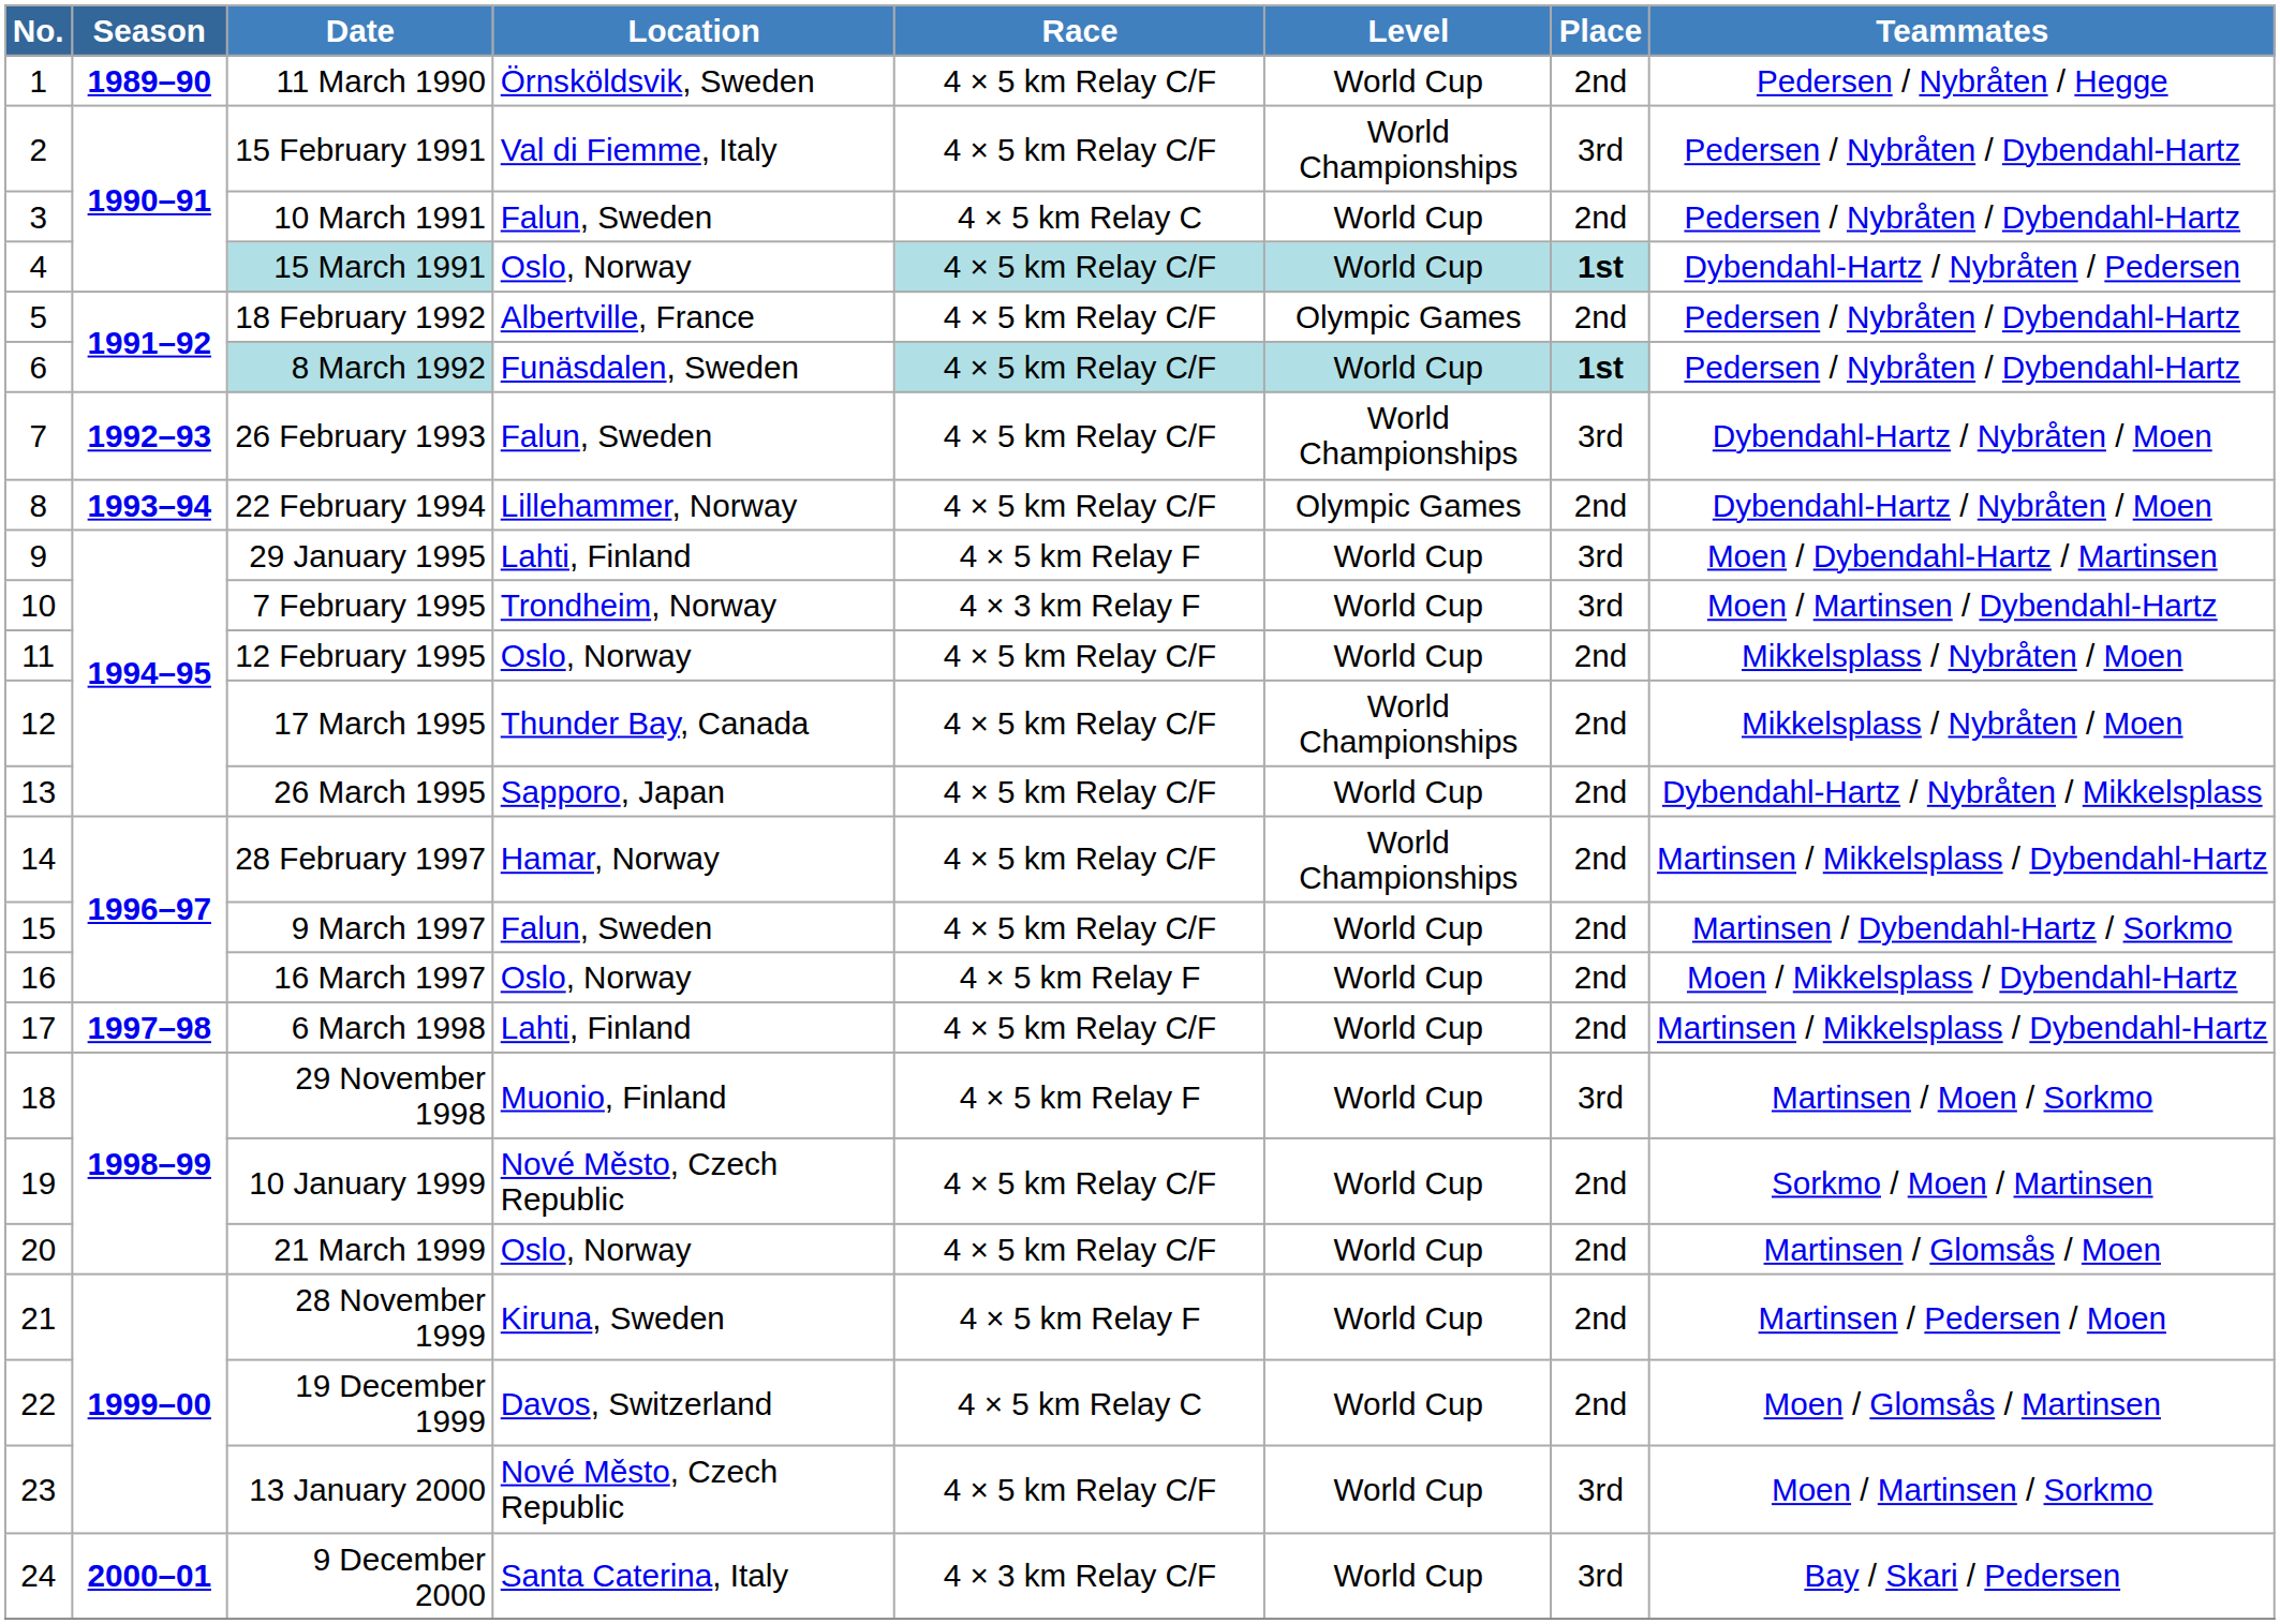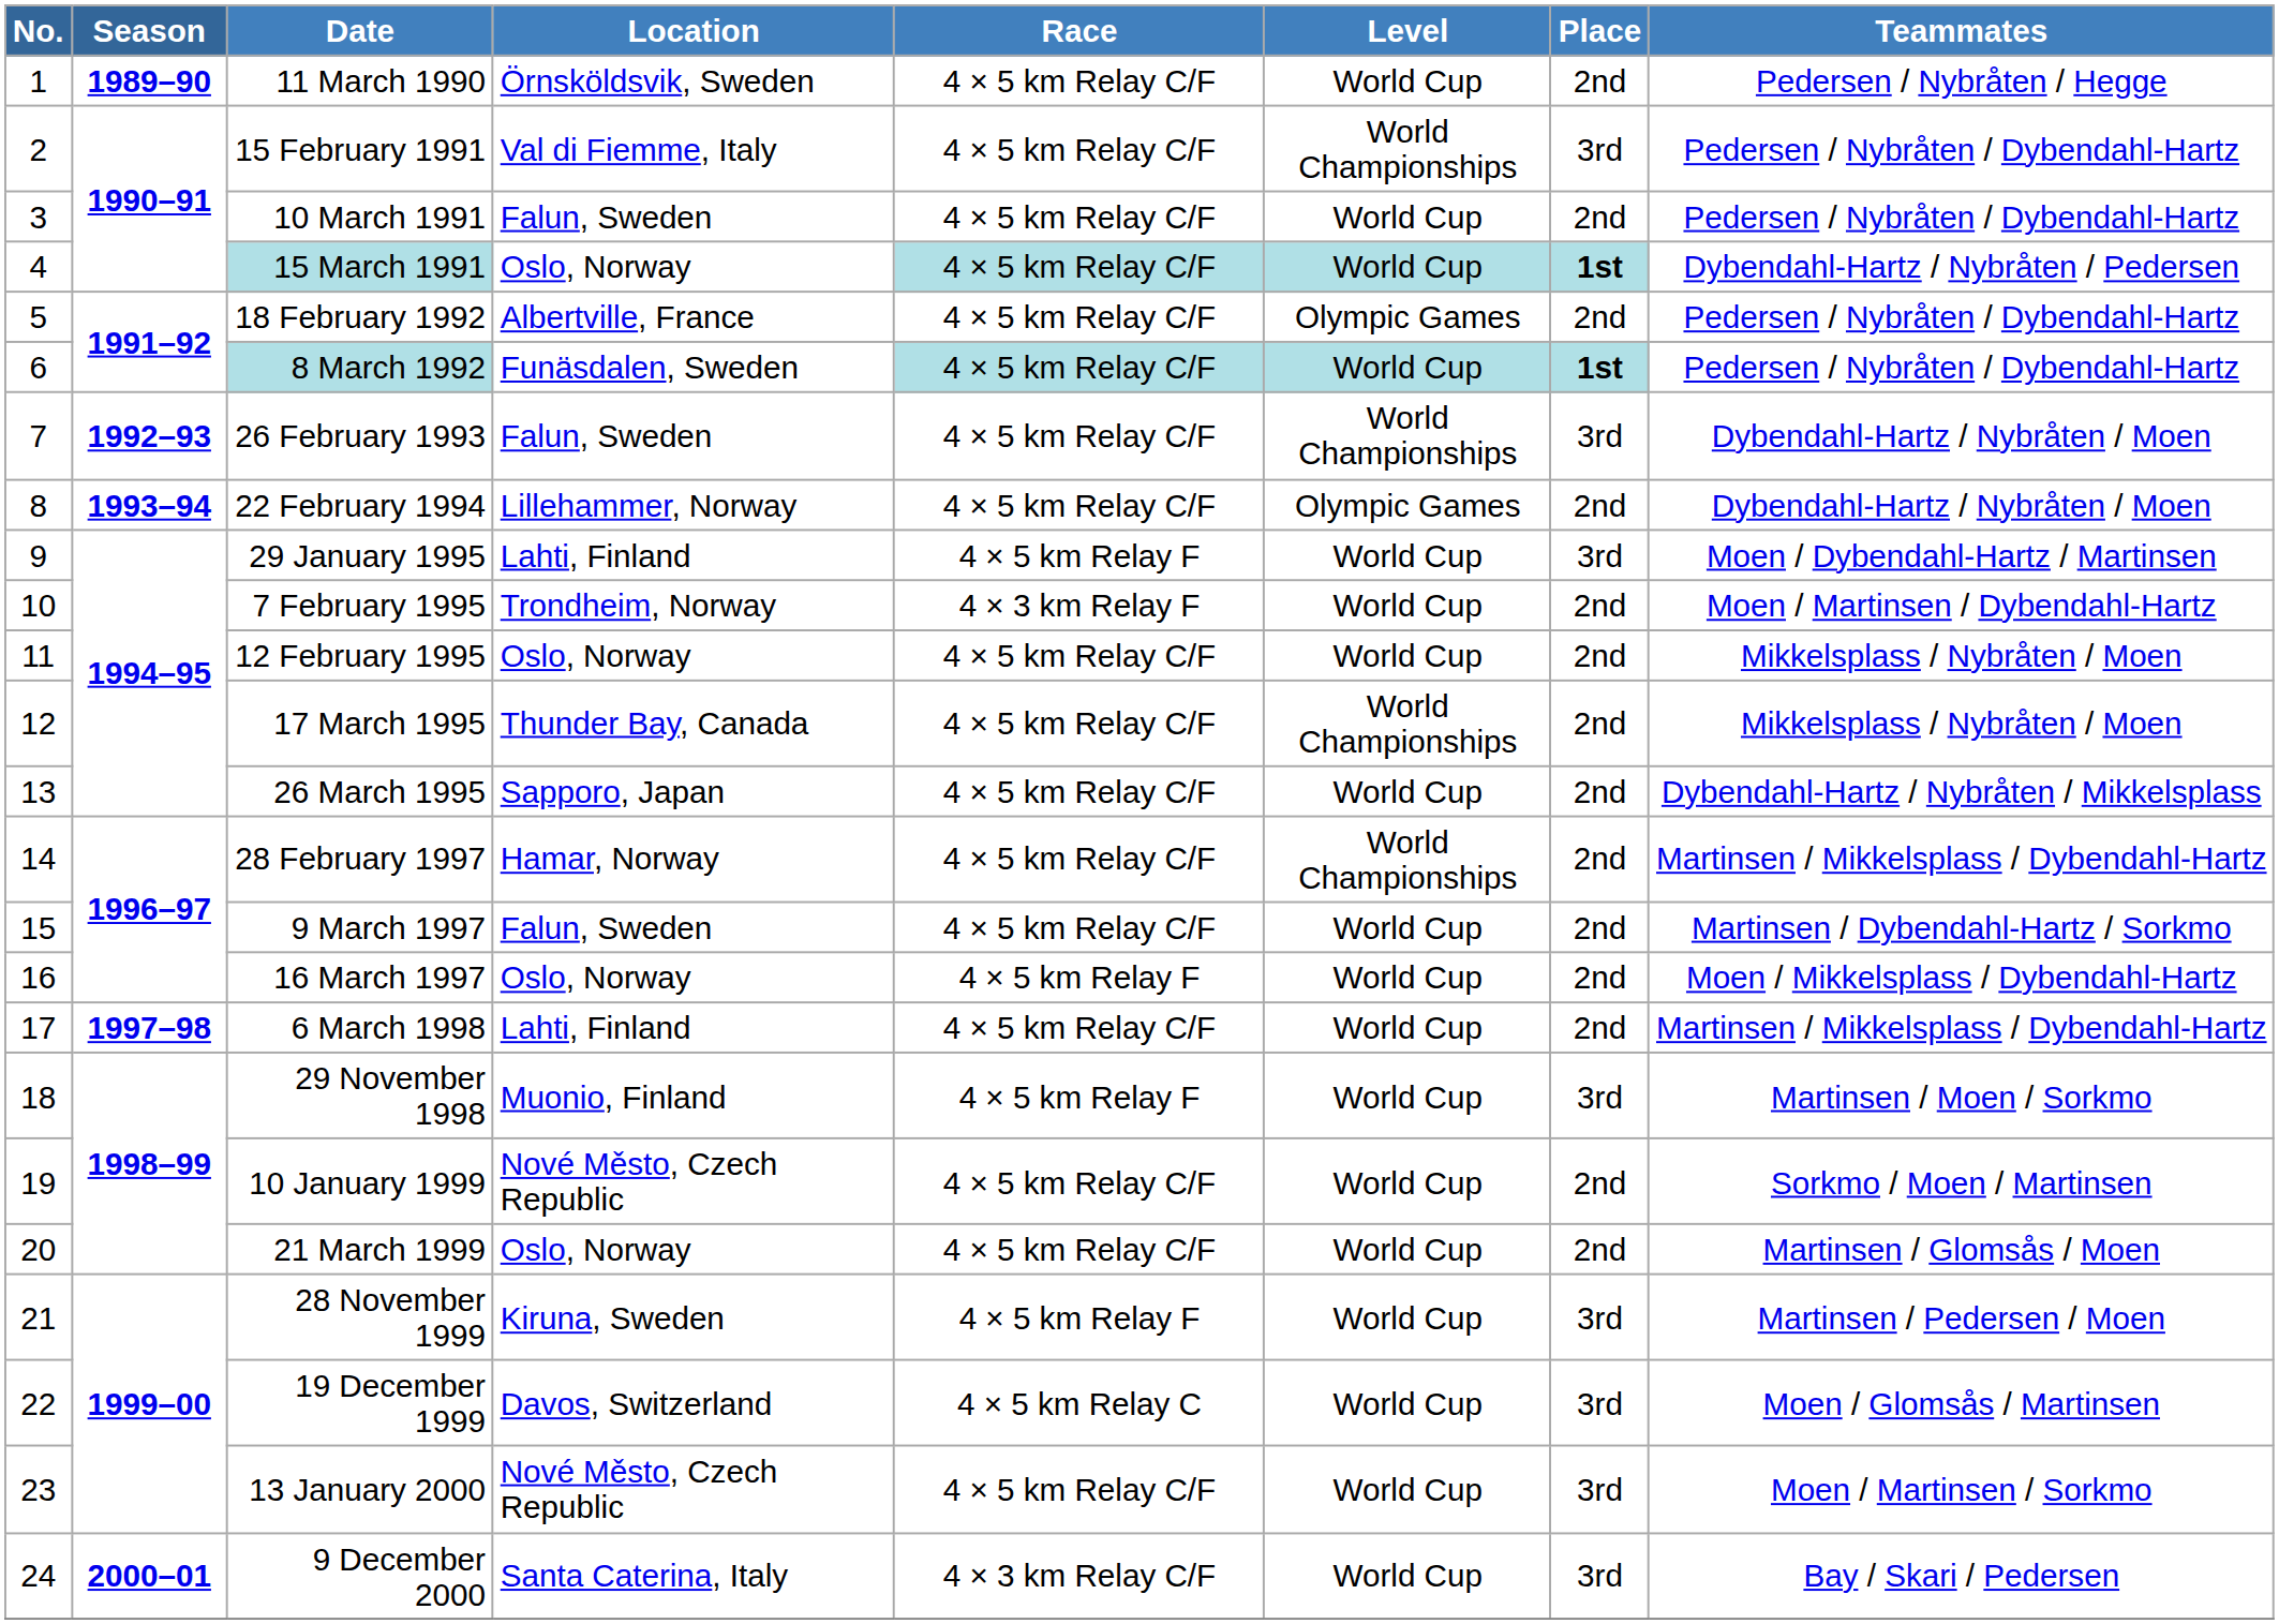 <table class="wikitable sortable" style="font-size:95%; text-align:center; border:grey solid 1px; border-collapse:collapse; background:#ffffff;">
 <tr style="background:#efefef;">
 <th style="background-color:#369; color:white;">No.</th>
 <th style="background-color:#369; color:white;">Season</th>
 <th style="background-color:#4180be; color:white; width:120px;">Date</th>
 <th style="background-color:#4180be; color:white; width:185px;">Location</th>
 <th style="background-color:#4180be; color:white; width:170px;">Race</th>
 <th style="background-color:#4180be; color:white; width:130px;">Level</th>
 <th style="background-color:#4180be; color:white;">Place</th>
 <th style="background-color:#4180be; color:white;">Teammates</th>
 </tr>
 <tr>
 <td align=center>1</td>
 <td rowspan=1 align=center><strong> <a href='#'>1989–90</a> </strong></td>
 <td align=right>11 March 1990</td>
 <td align=left> <a href='#'>Örnsköldsvik</a>, Sweden</td>
 <td>4 × 5 km Relay C/F</td>
 <td>World Cup</td>
 <td>2nd</td>
 <td><a href='#'>Pedersen</a> / <a href='#'>Nybråten</a> / <a href='#'>Hegge</a></td>
 </tr>
 <tr>
 <td align=center>2</td>
 <td rowspan=3 align=center><strong> <a href='#'>1990–91</a> </strong></td>
 <td align=right>15 February 1991</td>
 <td align=left> <a href='#'>Val di Fiemme</a>, Italy</td>
 <td>4 × 5 km Relay C/F</td>
 <td>World Championships</td>
 <td>3rd</td>
 <td><a href='#'>Pedersen</a> / <a href='#'>Nybråten</a> / <a href='#'>Dybendahl-Hartz</a></td>
 </tr>
 <tr>
 <td align=center>3</td>
 <td align=right>10 March 1991</td>
 <td align=left> <a href='#'>Falun</a>, Sweden</td>
-<td>4 × 5 km Relay C</td>
+<td>4 × 5 km Relay C/F</td>
 <td>World Cup</td>
 <td>2nd</td>
 <td><a href='#'>Pedersen</a> / <a href='#'>Nybråten</a> / <a href='#'>Dybendahl-Hartz</a></td>
 </tr>
 <tr>
 <td align=center>4</td>
 <td bgcolor="#BOEOE6" align=right>15 March 1991</td>
 <td align=left> <a href='#'>Oslo</a>, Norway</td>
 <td bgcolor="#BOEOE6">4 × 5 km Relay C/F</td>
 <td bgcolor="#BOEOE6">World Cup</td>
 <td bgcolor="#BOEOE6"><strong>1st</strong></td>
 <td><a href='#'>Dybendahl-Hartz</a> / <a href='#'>Nybråten</a> / <a href='#'>Pedersen</a></td>
 </tr>
 <tr>
 <td align=center>5</td>
 <td rowspan=2 align=center><strong> <a href='#'>1991–92</a> </strong></td>
 <td align=right>18 February 1992</td>
 <td align=left> <a href='#'>Albertville</a>, France</td>
 <td>4 × 5 km Relay C/F</td>
 <td>Olympic Games</td>
 <td>2nd</td>
 <td><a href='#'>Pedersen</a> / <a href='#'>Nybråten</a> / <a href='#'>Dybendahl-Hartz</a></td>
 </tr>
 <tr>
 <td align=center>6</td>
 <td bgcolor="#BOEOE6" align=right>8 March 1992</td>
 <td align=left> <a href='#'>Funäsdalen</a>, Sweden</td>
 <td bgcolor="#BOEOE6">4 × 5 km Relay C/F</td>
 <td bgcolor="#BOEOE6">World Cup</td>
 <td bgcolor="#BOEOE6"><strong>1st</strong></td>
 <td><a href='#'>Pedersen</a> / <a href='#'>Nybråten</a> / <a href='#'>Dybendahl-Hartz</a></td>
 </tr>
 <tr>
 <td align=center>7</td>
 <td rowspan=1 align=center><strong> <a href='#'>1992–93</a> </strong></td>
 <td align=right>26 February 1993</td>
 <td align=left> <a href='#'>Falun</a>, Sweden</td>
 <td>4 × 5 km Relay C/F</td>
 <td>World Championships</td>
 <td>3rd</td>
 <td><a href='#'>Dybendahl-Hartz</a> / <a href='#'>Nybråten</a> / <a href='#'>Moen</a></td>
 </tr>
 <tr>
 <td align=center>8</td>
 <td rowspan=1 align=center><strong> <a href='#'>1993–94</a> </strong></td>
 <td align=right>22 February 1994</td>
 <td align=left> <a href='#'>Lillehammer</a>, Norway</td>
 <td>4 × 5 km Relay C/F</td>
 <td>Olympic Games</td>
 <td>2nd</td>
 <td><a href='#'>Dybendahl-Hartz</a> / <a href='#'>Nybråten</a> / <a href='#'>Moen</a></td>
 </tr>
 <tr>
 <td align=center>9</td>
 <td rowspan=5 align=center><strong> <a href='#'>1994–95</a> </strong></td>
 <td align=right>29 January 1995</td>
 <td align=left> <a href='#'>Lahti</a>, Finland</td>
 <td>4 × 5 km Relay F</td>
 <td>World Cup</td>
 <td>3rd</td>
 <td><a href='#'>Moen</a> / <a href='#'>Dybendahl-Hartz</a> / <a href='#'>Martinsen</a></td>
 </tr>
 <tr>
 <td align=center>10</td>
 <td align=right>7 February 1995</td>
 <td align=left> <a href='#'>Trondheim</a>, Norway</td>
 <td>4 × 3 km Relay F</td>
 <td>World Cup</td>
-<td>3rd</td>
+<td>2nd</td>
 <td><a href='#'>Moen</a> / <a href='#'>Martinsen</a> / <a href='#'>Dybendahl-Hartz</a></td>
 </tr>
 <tr>
 <td align=center>11</td>
 <td align=right>12 February 1995</td>
 <td align=left> <a href='#'>Oslo</a>, Norway</td>
 <td>4 × 5 km Relay C/F</td>
 <td>World Cup</td>
 <td>2nd</td>
 <td><a href='#'>Mikkelsplass</a> / <a href='#'>Nybråten</a> / <a href='#'>Moen</a></td>
 </tr>
 <tr>
 <td align=center>12</td>
 <td align=right>17 March 1995</td>
 <td align=left> <a href='#'>Thunder Bay</a>, Canada</td>
 <td>4 × 5 km Relay C/F</td>
 <td>World Championships</td>
 <td>2nd</td>
 <td><a href='#'>Mikkelsplass</a> / <a href='#'>Nybråten</a> / <a href='#'>Moen</a></td>
 </tr>
 <tr>
 <td align=center>13</td>
 <td align=right>26 March 1995</td>
 <td align=left> <a href='#'>Sapporo</a>, Japan</td>
 <td>4 × 5 km Relay C/F</td>
 <td>World Cup</td>
 <td>2nd</td>
 <td><a href='#'>Dybendahl-Hartz</a> / <a href='#'>Nybråten</a> / <a href='#'>Mikkelsplass</a></td>
 </tr>
 <tr>
 <td align=center>14</td>
 <td rowspan=3 align=center><strong> <a href='#'>1996–97</a> </strong></td>
 <td align=right>28 February 1997</td>
 <td align=left> <a href='#'>Hamar</a>, Norway</td>
 <td>4 × 5 km Relay C/F</td>
 <td>World Championships</td>
 <td>2nd</td>
 <td><a href='#'>Martinsen</a> / <a href='#'>Mikkelsplass</a> / <a href='#'>Dybendahl-Hartz</a></td>
 </tr>
 <tr>
 <td align=center>15</td>
 <td align=right>9 March 1997</td>
 <td align=left> <a href='#'>Falun</a>, Sweden</td>
 <td>4 × 5 km Relay C/F</td>
 <td>World Cup</td>
 <td>2nd</td>
 <td><a href='#'>Martinsen</a> / <a href='#'>Dybendahl-Hartz</a> / <a href='#'>Sorkmo</a></td>
 </tr>
 <tr>
 <td align=center>16</td>
 <td align=right>16 March 1997</td>
 <td align=left> <a href='#'>Oslo</a>, Norway</td>
 <td>4 × 5 km Relay F</td>
 <td>World Cup</td>
 <td>2nd</td>
 <td><a href='#'>Moen</a> / <a href='#'>Mikkelsplass</a> / <a href='#'>Dybendahl-Hartz</a></td>
 </tr>
 <tr>
 <td align=center>17</td>
 <td rowspan=1 align=center><strong> <a href='#'>1997–98</a> </strong></td>
 <td align=right>6 March 1998</td>
 <td align=left> <a href='#'>Lahti</a>, Finland</td>
 <td>4 × 5 km Relay C/F</td>
 <td>World Cup</td>
 <td>2nd</td>
 <td><a href='#'>Martinsen</a> / <a href='#'>Mikkelsplass</a> / <a href='#'>Dybendahl-Hartz</a></td>
 </tr>
 <tr>
 <td align=center>18</td>
 <td rowspan=3 align=center><strong> <a href='#'>1998–99</a> </strong></td>
 <td align=right>29 November 1998</td>
 <td align=left> <a href='#'>Muonio</a>, Finland</td>
 <td>4 × 5 km Relay F</td>
 <td>World Cup</td>
 <td>3rd</td>
 <td><a href='#'>Martinsen</a> / <a href='#'>Moen</a> / <a href='#'>Sorkmo</a></td>
 </tr>
 <tr>
 <td align=center>19</td>
 <td align=right>10 January 1999</td>
 <td align=left> <a href='#'>Nové Město</a>, Czech Republic</td>
 <td>4 × 5 km Relay C/F</td>
 <td>World Cup</td>
 <td>2nd</td>
 <td><a href='#'>Sorkmo</a> / <a href='#'>Moen</a> / <a href='#'>Martinsen</a></td>
 </tr>
 <tr>
 <td align=center>20</td>
 <td align=right>21 March 1999</td>
 <td align=left> <a href='#'>Oslo</a>, Norway</td>
 <td>4 × 5 km Relay C/F</td>
 <td>World Cup</td>
 <td>2nd</td>
 <td><a href='#'>Martinsen</a> / <a href='#'>Glomsås</a> / <a href='#'>Moen</a></td>
 </tr>
 <tr>
 <td align=center>21</td>
 <td rowspan=3 align=center><strong> <a href='#'>1999–00</a> </strong></td>
 <td align=right>28 November 1999</td>
 <td align=left> <a href='#'>Kiruna</a>, Sweden</td>
 <td>4 × 5 km Relay F</td>
 <td>World Cup</td>
-<td>2nd</td>
+<td>3rd</td>
 <td><a href='#'>Martinsen</a> / <a href='#'>Pedersen</a> / <a href='#'>Moen</a></td>
 </tr>
 <tr>
 <td align=center>22</td>
 <td align=right>19 December 1999</td>
 <td align=left> <a href='#'>Davos</a>, Switzerland</td>
 <td>4 × 5 km Relay C</td>
 <td>World Cup</td>
-<td>2nd</td>
+<td>3rd</td>
 <td><a href='#'>Moen</a> / <a href='#'>Glomsås</a> / <a href='#'>Martinsen</a></td>
 </tr>
 <tr>
 <td align=center>23</td>
 <td align=right>13 January 2000</td>
 <td align=left> <a href='#'>Nové Město</a>, Czech Republic</td>
 <td>4 × 5 km Relay C/F</td>
 <td>World Cup</td>
 <td>3rd</td>
 <td><a href='#'>Moen</a> / <a href='#'>Martinsen</a> / <a href='#'>Sorkmo</a></td>
 </tr>
 <tr>
 <td align=center>24</td>
 <td rowspan=1 align=center><strong> <a href='#'>2000–01</a> </strong></td>
 <td align=right>9 December 2000</td>
 <td align=left> <a href='#'>Santa Caterina</a>, Italy</td>
 <td>4 × 3 km Relay C/F</td>
 <td>World Cup</td>
 <td>3rd</td>
 <td><a href='#'>Bay</a> / <a href='#'>Skari</a> / <a href='#'>Pedersen</a></td>
 </tr>
 <tr>
 </tr>
 </table>
